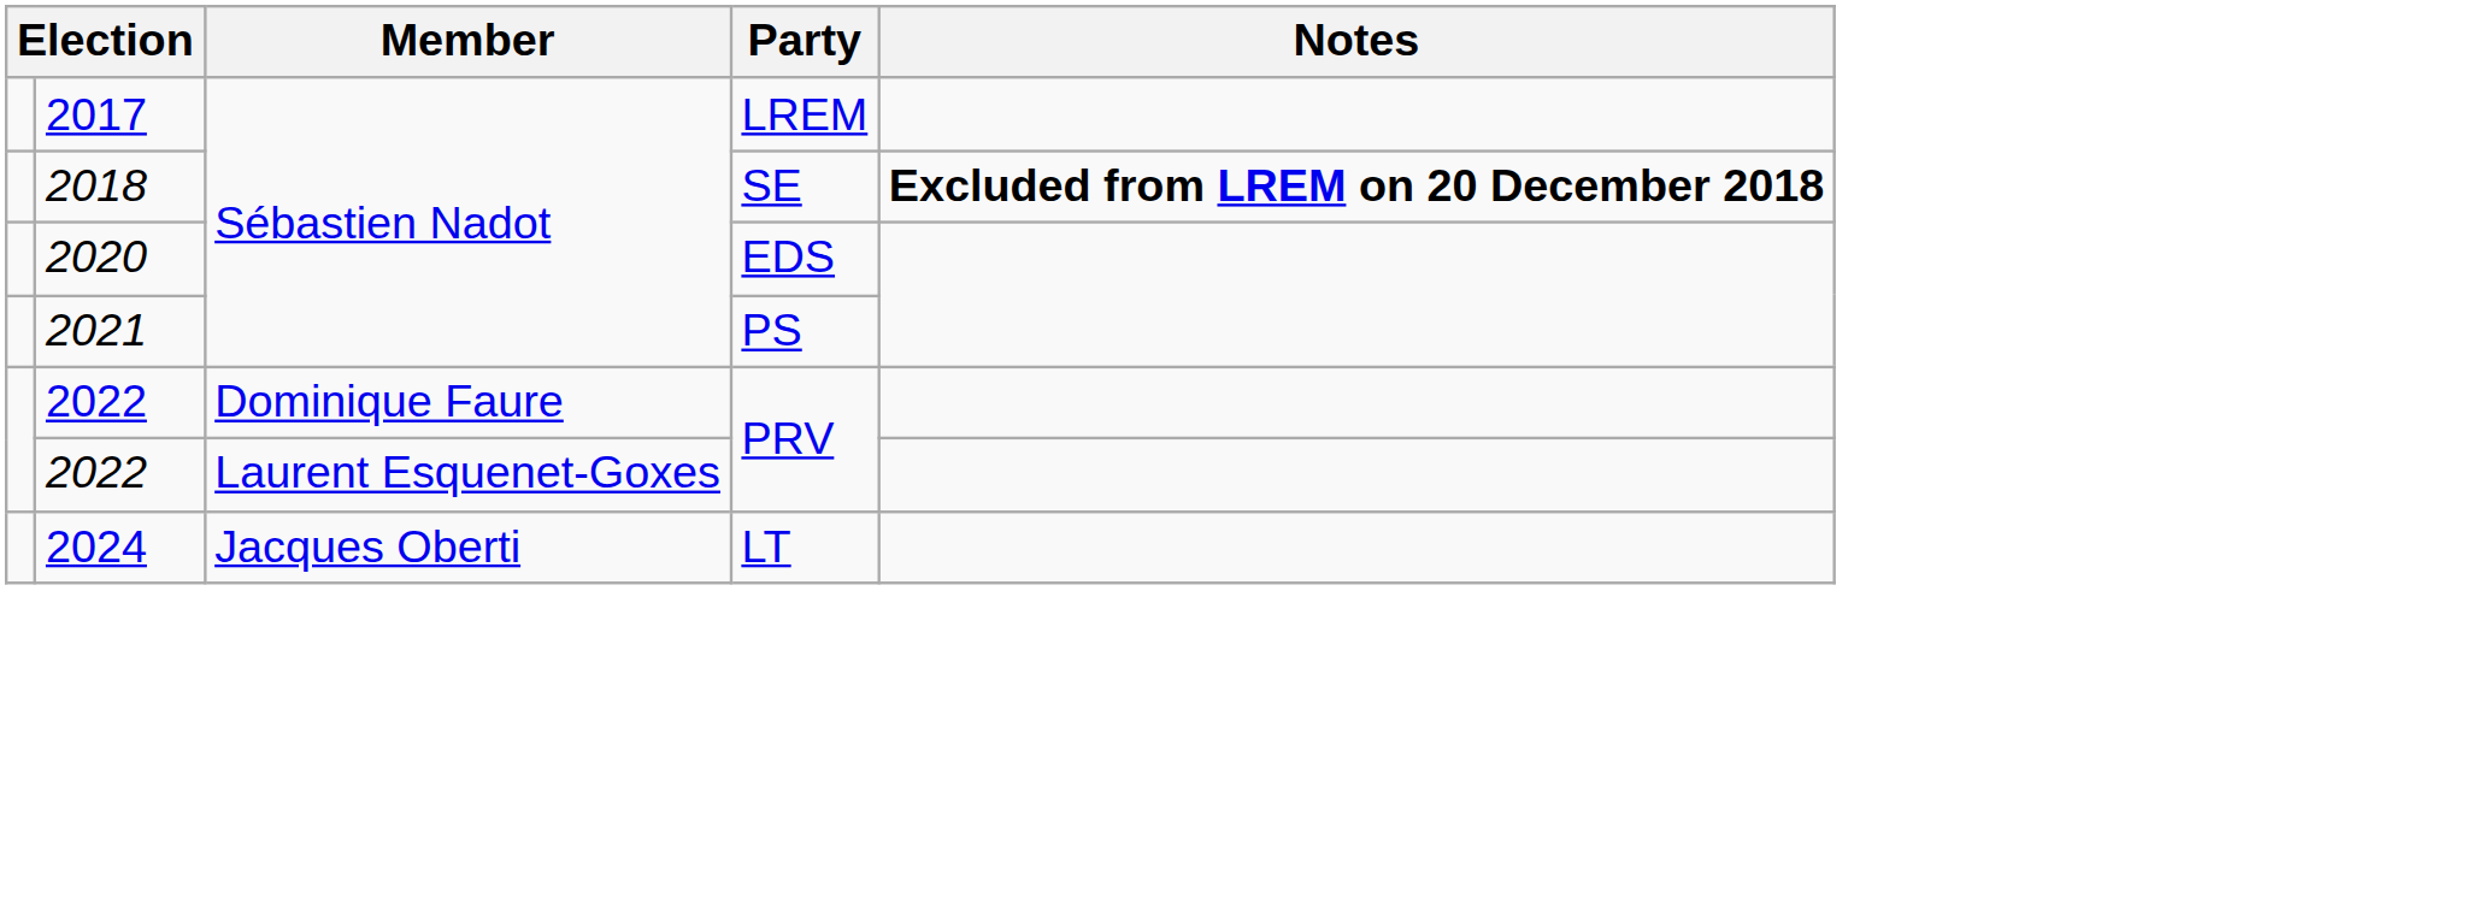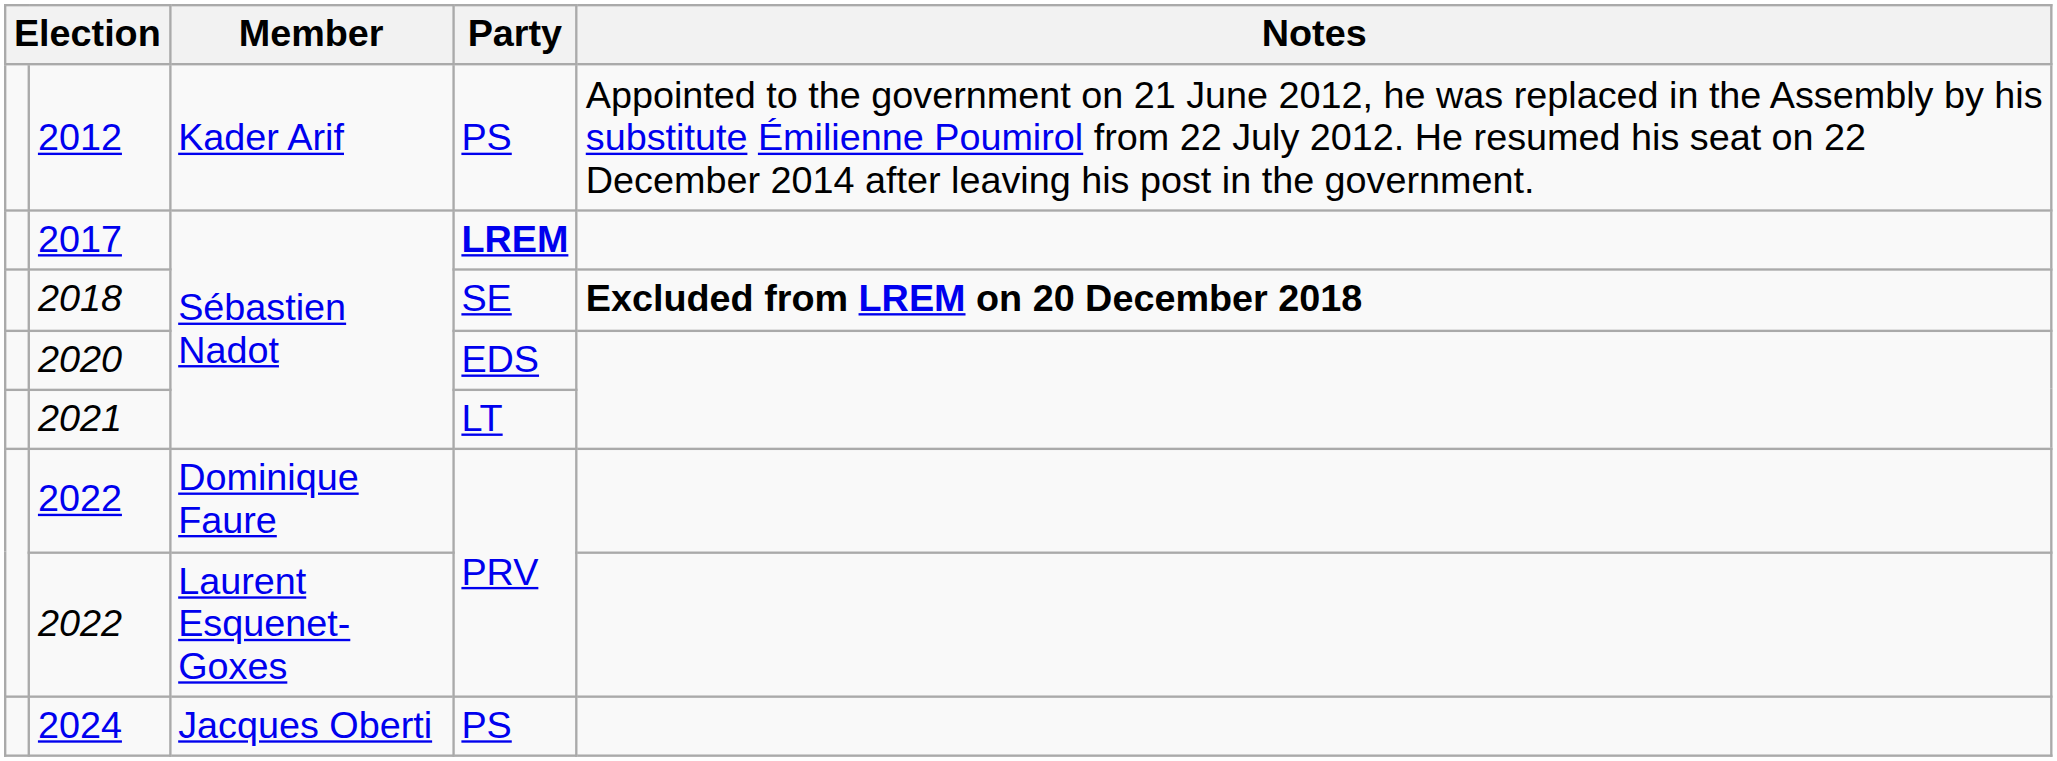 <table class="wikitable">
 <tr>
 <th colspan="2">Election</th>
 <th>Member</th>
 <th>Party</th>
 <th>Notes</th>
 </tr>
 <tr>
+<td style="color:inherit;background-color:"></td>
+<td><a href='#'>2012</a></td>
+<td><a href='#'>Kader Arif</a></td>
+<td><a href='#'>PS</a></td>
+<td>Appointed to the government on 21 June 2012, he was replaced in the Assembly by his <a href='#'>substitute</a> <a href='#'>Émilienne Poumirol</a> from 22 July 2012. He resumed his seat on 22 December 2014 after leaving his post in the government.</td>
+</tr>
+<tr>
 <td style="color:inherit;background-color: "></td>
 <td><a href='#'>2017</a></td>
 <td rowspan="4"><a href='#'>Sébastien Nadot</a></td>
-<td><a href='#'>LREM</a></td>
+<td><strong><a href='#'>LREM</a></strong></td>
 </tr>
 <tr>
 <td style="color:inherit;background-color: "></td>
 <td><em>2018</em></td>
 <td><a href='#'>SE</a></td>
 <td><strong>Excluded from <a href='#'>LREM</a> on 20 December 2018</strong></td>
 </tr>
 <tr>
 <td style="color:inherit;background-color: "></td>
 <td><em>2020</em></td>
 <td><a href='#'>EDS</a></td>
 </tr>
 <tr>
 <td style="color:inherit;background-color: "></td>
 <td><em>2021</em></td>
-<td><a href='#'>PS</a></td>
+<td><a href='#'>LT</a></td>
 </tr>
 <tr>
 <td rowspan="2" style="color:inherit;background-color: "></td>
 <td><a href='#'>2022</a></td>
 <td><a href='#'>Dominique Faure</a></td>
 <td rowspan="2"><a href='#'>PRV</a></td>
 <td></td>
 </tr>
 <tr>
 <td><em>2022</em></td>
 <td><a href='#'>Laurent Esquenet-Goxes</a></td>
 <td></td>
 </tr>
 <tr>
 <td rowspan="2" style="color:inherit;background-color: "></td>
 <td><a href='#'>2024</a></td>
 <td><a href='#'>Jacques Oberti</a></td>
-<td><a href='#'>LT</a></td>
+<td><a href='#'>PS</a></td>
 <td></td>
 </tr>
 </table>
